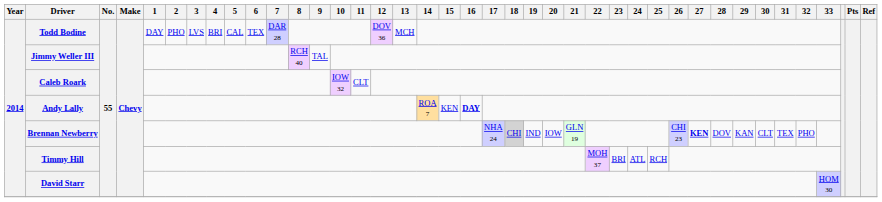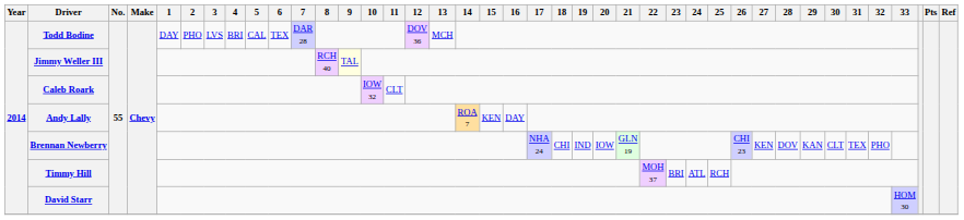 <table class="wikitable" style="text-align:center; font-size:75%">
 <tr>
 <th>Year</th>
 <th>Driver</th>
 <th>No.</th>
 <th>Make</th>
 <th>1</th>
 <th>2</th>
 <th>3</th>
 <th>4</th>
 <th>5</th>
 <th>6</th>
 <th>7</th>
 <th>8</th>
 <th>9</th>
 <th>10</th>
 <th>11</th>
 <th>12</th>
 <th>13</th>
 <th>14</th>
 <th>15</th>
 <th>16</th>
 <th>17</th>
 <th>18</th>
 <th>19</th>
 <th>20</th>
 <th>21</th>
 <th>22</th>
 <th>23</th>
 <th>24</th>
 <th>25</th>
 <th>26</th>
 <th>27</th>
 <th>28</th>
 <th>29</th>
 <th>30</th>
 <th>31</th>
 <th>32</th>
 <th>33</th>
 <th></th>
 <th>Pts</th>
 <th>Ref</th>
 </tr>
 <tr>
 <th rowspan=7><a href='#'>2014</a></th>
 <th><a href='#'>Todd Bodine</a></th>
 <th rowspan=7>55</th>
 <th rowspan=7><a href='#'>Chevy</a></th>
 <td><a href='#'>DAY</a></td>
 <td><a href='#'>PHO</a></td>
 <td><a href='#'>LVS</a></td>
 <td><a href='#'>BRI</a></td>
 <td><a href='#'>CAL</a></td>
 <td><a href='#'>TEX</a></td>
 <td style="background:#CFCFFF;"><a href='#'>DAR</a><br><small>28</small></td>
 <td colspan=4></td>
 <td style="background:#EFCFFF;"><a href='#'>DOV</a><br><small>36</small></td>
 <td><a href='#'>MCH</a></td>
 <td colspan=20></td>
 <th rowspan=7></th>
 <th rowspan=7></th>
 <th rowspan=7></th>
 </tr>
 <tr>
 <th><a href='#'>Jimmy Weller III</a></th>
 <td colspan=7></td>
 <td style="background:#EFCFFF;"><a href='#'>RCH</a><br><small>40</small></td>
-<td><a href='#'>TAL</a></td>
+<td style="background: lightyellow;"><a href='#'>TAL</a></td>
 <td colspan=24></td>
 </tr>
 <tr>
 <th><a href='#'>Caleb Roark</a></th>
 <td colspan=9></td>
 <td style="background:#EFCFFF;"><a href='#'>IOW</a><br><small>32</small></td>
 <td><a href='#'>CLT</a></td>
 <td colspan=22></td>
 </tr>
 <tr>
 <th><a href='#'>Andy Lally</a></th>
 <td colspan=13></td>
 <td style="background:#FFDF9F;"><a href='#'>ROA</a><br><small>7</small></td>
 <td><a href='#'>KEN</a></td>
-<td><strong><a href='#'>DAY</a></strong></td>
+<td><a href='#'>DAY</a></td>
 <td colspan=17></td>
 </tr>
 <tr>
 <th><a href='#'>Brennan Newberry</a></th>
 <td colspan=16></td>
 <td style="background:#CFCFFF;"><a href='#'>NHA</a><br><small>24</small></td>
-<td style="background: lightgrey;"><a href='#'>CHI</a></td>
+<td><a href='#'>CHI</a></td>
 <td><a href='#'>IND</a></td>
 <td><a href='#'>IOW</a></td>
 <td style="background:#DFFFDF;"><a href='#'>GLN</a><br><small>19</small></td>
 <td colspan=4></td>
 <td style="background:#CFCFFF;"><a href='#'>CHI</a><br><small>23</small></td>
-<td><strong><a href='#'>KEN</a></strong></td>
+<td><a href='#'>KEN</a></td>
 <td><a href='#'>DOV</a></td>
 <td><a href='#'>KAN</a></td>
 <td><a href='#'>CLT</a></td>
 <td><a href='#'>TEX</a></td>
 <td><a href='#'>PHO</a></td>
 <td></td>
 </tr>
 <tr>
 <th><a href='#'>Timmy Hill</a></th>
 <td colspan=21></td>
 <td style="background:#EFCFFF;"><a href='#'>MOH</a><br><small>37</small></td>
 <td><a href='#'>BRI</a></td>
 <td><a href='#'>ATL</a></td>
 <td><a href='#'>RCH</a></td>
 <td colspan=8></td>
 </tr>
 <tr>
 <th><a href='#'>David Starr</a></th>
 <td colspan=32></td>
 <td style="background:#CFCFFF;"><a href='#'>HOM</a><br><small>30</small></td>
 </tr>
 <tr>
 </tr>
 </table>
